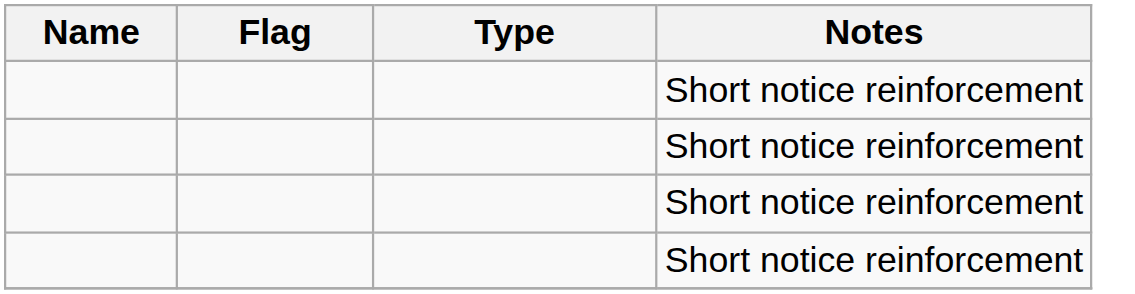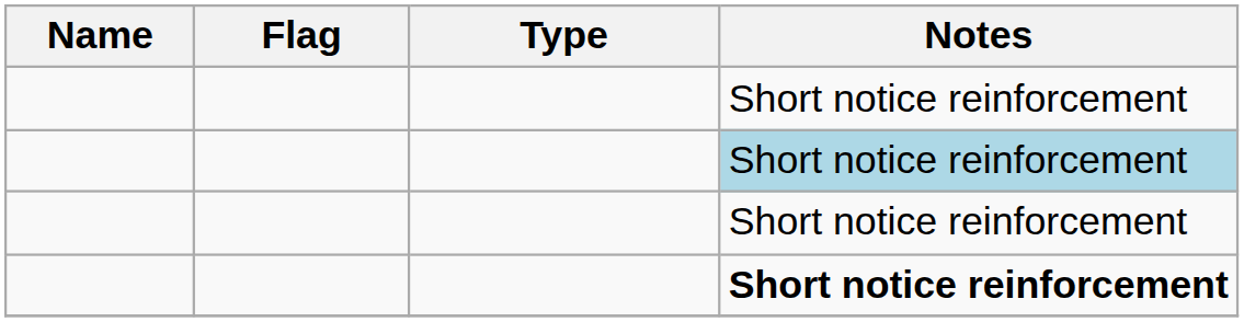 <table class="wikitable sortable">
 <tr>
 <th scope="col" width="70px">Name</th>
 <th scope="col" width="80px">Flag</th>
 <th scope="col" width="120px">Type</th>
 <th>Notes</th>
 </tr>
 <tr>
 <td align="left"></td>
 <td align="left"></td>
 <td align="left"></td>
 <td align="left">Short notice reinforcement</td>
 </tr>
 <tr>
 <td align="left"></td>
 <td align="left"></td>
 <td align="left"></td>
-<td align="left">Short notice reinforcement</td>
+<td align="left" style="background: lightblue;">Short notice reinforcement</td>
 </tr>
 <tr>
 <td align="left"></td>
 <td align="left"></td>
 <td align="left"></td>
 <td align="left">Short notice reinforcement</td>
 </tr>
 <tr>
 <td align="left"></td>
 <td align="left"></td>
 <td align="left"></td>
-<td align="left">Short notice reinforcement</td>
+<td align="left"><strong>Short notice reinforcement</strong></td>
 </tr>
 <tr>
 </tr>
 </table>
